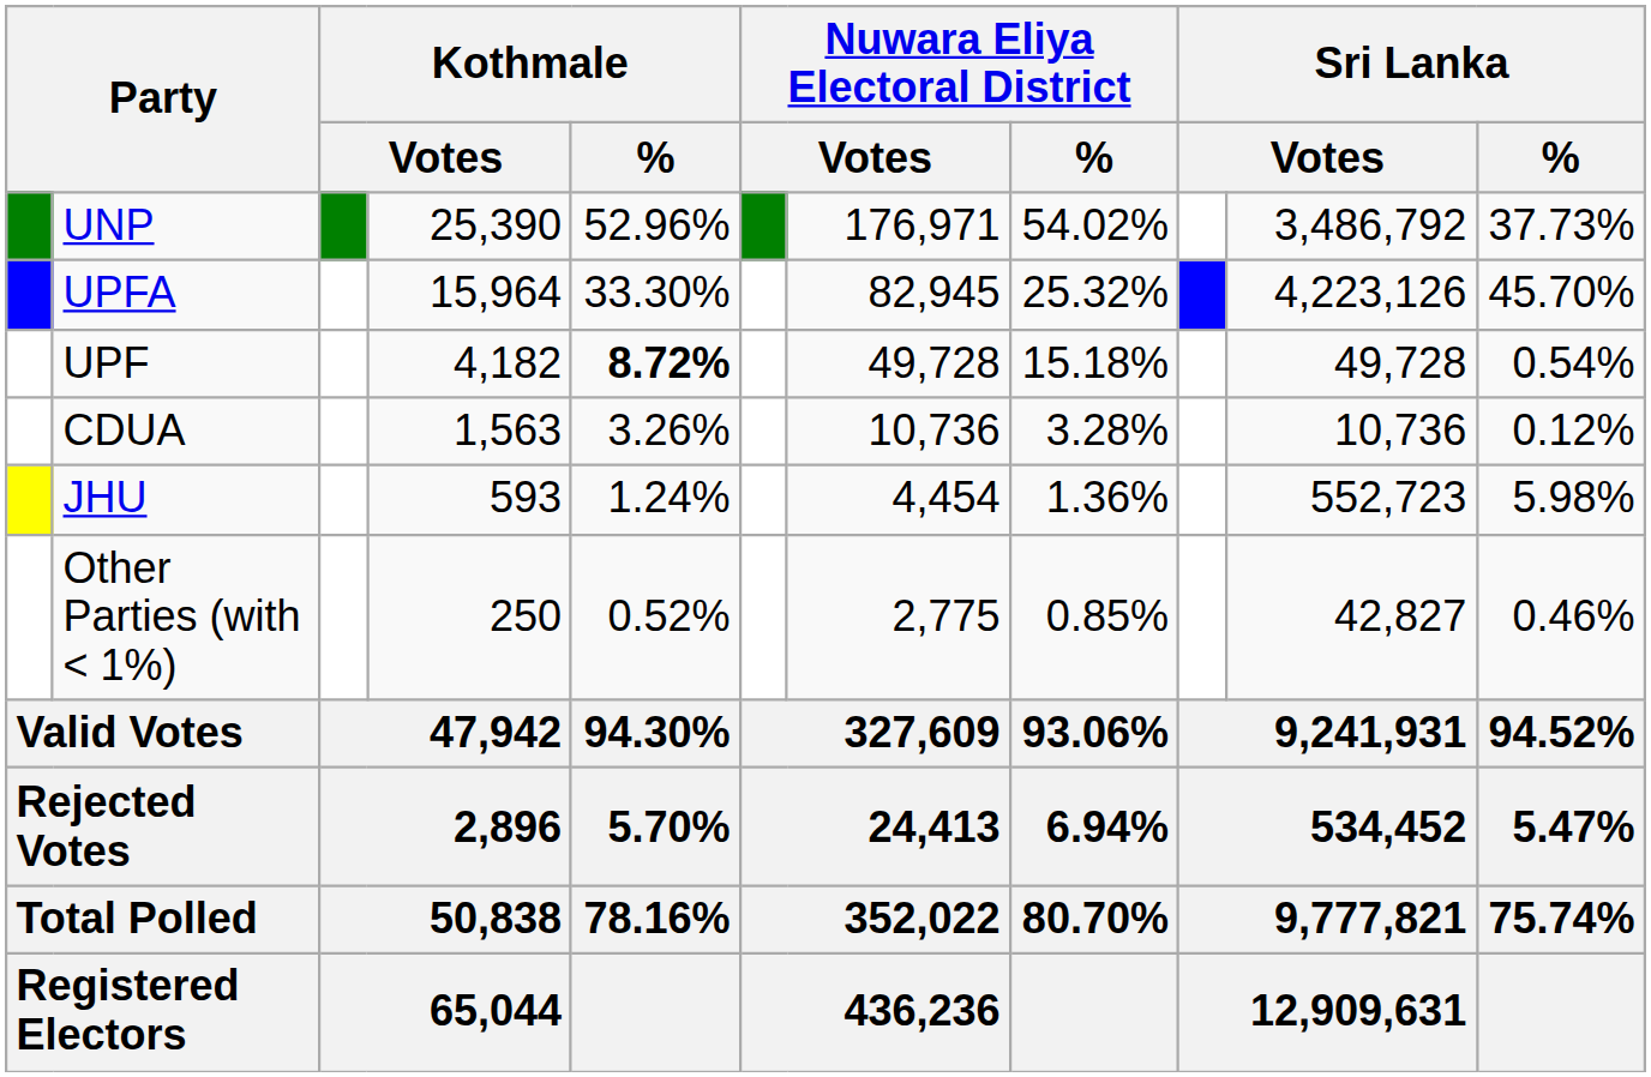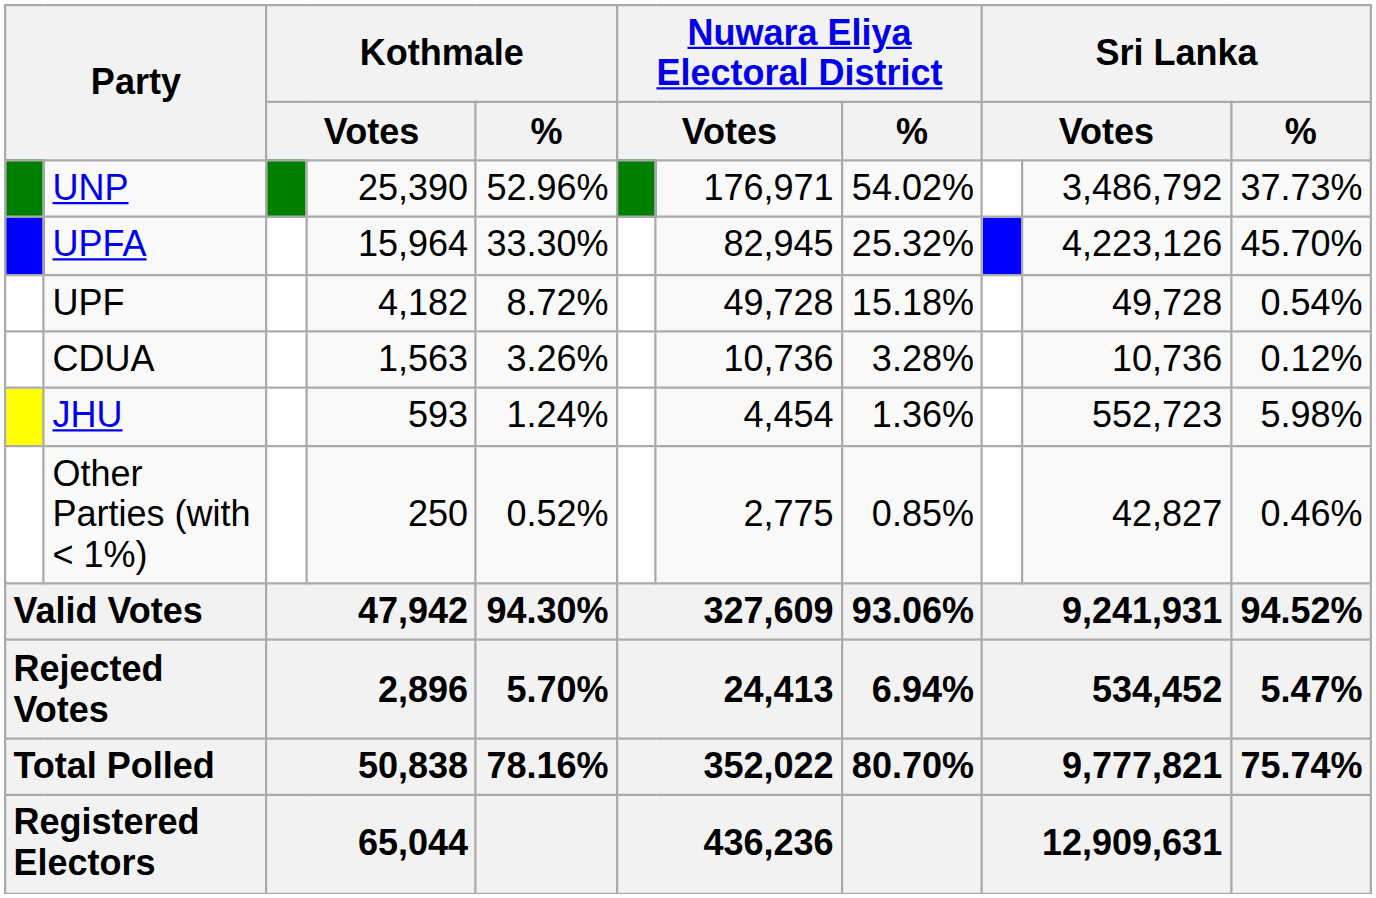 <table class="wikitable">
 <tr>
 <th colspan="2" width="144px"rowspan="2">Party</th>
 <th colspan="3" width="216px">Kothmale</th>
 <th colspan="3" width="216px"><a href='#'>Nuwara Eliya Electoral District</a></th>
 <th colspan="3" width="216px">Sri Lanka</th>
 </tr>
 <tr>
 <th colspan="2" width="144px">Votes</th>
 <th>%</th>
 <th colspan="2" width="144px">Votes</th>
 <th>%</th>
 <th colspan="2" width="144px">Votes</th>
 <th>%</th>
 </tr>
 <tr>
 <td style="background-color:green;" width="10px"></td>
 <td style="text-align:left;"><a href='#'>UNP</a></td>
 <td style="background-color:green;" width="10px"></td>
 <td style="text-align:right;">25,390</td>
 <td style="text-align:right;">52.96%</td>
 <td style="background-color:green;" width="10px"></td>
 <td style="text-align:right;">176,971</td>
 <td style="text-align:right;">54.02%</td>
 <td style="background-color:white;" width="10px"></td>
 <td style="text-align:right;">3,486,792</td>
 <td style="text-align:right;">37.73%</td>
 </tr>
 <tr>
 <td style="background-color:blue;" width="10px"></td>
 <td style="text-align:left;"><a href='#'>UPFA</a></td>
 <td style="background-color:white;" width="10px"></td>
 <td style="text-align:right;">15,964</td>
 <td style="text-align:right;">33.30%</td>
 <td style="background-color:white;" width="10px"></td>
 <td style="text-align:right;">82,945</td>
 <td style="text-align:right;">25.32%</td>
 <td style="background-color:blue;" width="10px"></td>
 <td style="text-align:right;">4,223,126</td>
 <td style="text-align:right;">45.70%</td>
 </tr>
 <tr>
 <td style="background-color:white;" width="10px"></td>
 <td style="text-align:left;">UPF</td>
 <td style="background-color:white;" width="10px"></td>
 <td style="text-align:right;">4,182</td>
-<td style="text-align:right;"><strong>8.72%</strong></td>
+<td style="text-align:right;">8.72%</td>
 <td style="background-color:white;" width="10px"></td>
 <td style="text-align:right;">49,728</td>
 <td style="text-align:right;">15.18%</td>
 <td style="background-color:white;" width="10px"></td>
 <td style="text-align:right;">49,728</td>
 <td style="text-align:right;">0.54%</td>
 </tr>
 <tr>
 <td style="background-color:white;" width="10px"></td>
 <td style="text-align:left;">CDUA</td>
 <td style="background-color:white;" width="10px"></td>
 <td style="text-align:right;">1,563</td>
 <td style="text-align:right;">3.26%</td>
 <td style="background-color:white;" width="10px"></td>
 <td style="text-align:right;">10,736</td>
 <td style="text-align:right;">3.28%</td>
 <td style="background-color:white;" width="10px"></td>
 <td style="text-align:right;">10,736</td>
 <td style="text-align:right;">0.12%</td>
 </tr>
 <tr>
 <td style="background-color:yellow;" width="10px"></td>
 <td style="text-align:left;"><a href='#'>JHU</a></td>
 <td style="background-color:white;" width="10px"></td>
 <td style="text-align:right;">593</td>
 <td style="text-align:right;">1.24%</td>
 <td style="background-color:white;" width="10px"></td>
 <td style="text-align:right;">4,454</td>
 <td style="text-align:right;">1.36%</td>
 <td style="background-color:white;" width="10px"></td>
 <td style="text-align:right;">552,723</td>
 <td style="text-align:right;">5.98%</td>
 </tr>
 <tr>
 <td style="background-color:white;" width="10px"></td>
 <td style="text-align:left;">Other Parties (with < 1%)</td>
 <td style="background-color:white;" width="10px"></td>
 <td style="text-align:right;">250</td>
 <td style="text-align:right;">0.52%</td>
 <td style="background-color:white;" width="10px"></td>
 <td style="text-align:right;">2,775</td>
 <td style="text-align:right;">0.85%</td>
 <td style="background-color:white;" width="10px"></td>
 <td style="text-align:right;">42,827</td>
 <td style="text-align:right;">0.46%</td>
 </tr>
 <tr>
 <th colspan="2" width="144px"style="text-align:left;">Valid Votes</th>
 <th style="text-align:right;"colspan="2" width="144px">47,942</th>
 <th style="text-align:right;">94.30%</th>
 <th style="text-align:right;"colspan="2" width="144px">327,609</th>
 <th style="text-align:right;">93.06%</th>
 <th style="text-align:right;"colspan="2" width="144px">9,241,931</th>
 <th style="text-align:right;">94.52%</th>
 </tr>
 <tr>
 <th colspan="2" width="144px"style="text-align:left;">Rejected Votes</th>
 <th style="text-align:right;"colspan="2" width="144px">2,896</th>
 <th style="text-align:right;">5.70%</th>
 <th style="text-align:right;"colspan="2" width="144px">24,413</th>
 <th style="text-align:right;">6.94%</th>
 <th style="text-align:right;"colspan="2" width="144px">534,452</th>
 <th style="text-align:right;">5.47%</th>
 </tr>
 <tr>
 <th colspan="2" width="144px"style="text-align:left;">Total Polled</th>
 <th style="text-align:right;"colspan="2" width="144px">50,838</th>
 <th style="text-align:right;">78.16%</th>
 <th style="text-align:right;"colspan="2" width="144px">352,022</th>
 <th style="text-align:right;">80.70%</th>
 <th style="text-align:right;"colspan="2" width="144px">9,777,821</th>
 <th style="text-align:right;">75.74%</th>
 </tr>
 <tr>
 <th colspan="2" width="144px"style="text-align:left;">Registered Electors</th>
 <th style="text-align:right;"colspan="2" width="144px">65,044</th>
 <th></th>
 <th style="text-align:right;"colspan="2" width="144px">436,236</th>
 <th></th>
 <th style="text-align:right;"colspan="2" width="144px">12,909,631</th>
 <th></th>
 </tr>
 </table>
